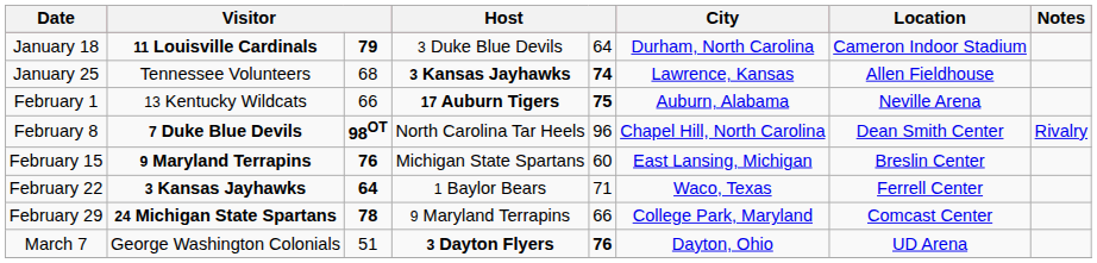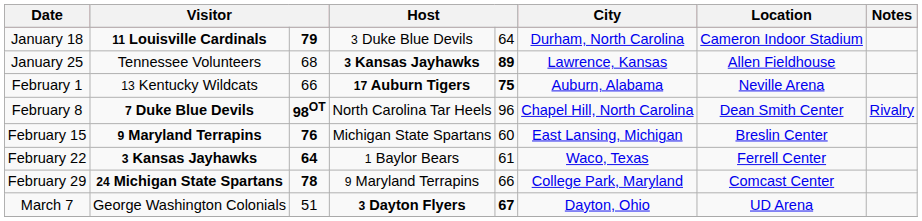 <table class="wikitable" style="text-align:center">
 <tr style="background:#A32638;"|>
 <th>Date</th>
 <th colspan=2>Visitor</th>
 <th colspan=2>Host</th>
 <th>City</th>
 <th>Location</th>
 <th>Notes</th>
 </tr>
 <tr>
 <td>January 18</td>
 <td><strong><small>11</small> Louisville Cardinals</strong></td>
 <td><strong>79</strong></td>
 <td><small>3</small> Duke Blue Devils</td>
 <td>64</td>
 <td><a href='#'>Durham, North Carolina</a></td>
 <td><a href='#'>Cameron Indoor Stadium</a></td>
 <td></td>
 </tr>
 <tr>
 <td>January 25</td>
 <td>Tennessee Volunteers</td>
 <td>68</td>
 <td><strong><small>3</small> Kansas Jayhawks</strong></td>
-<td><strong>74</strong></td>
+<td><strong>89</strong></td>
 <td><a href='#'>Lawrence, Kansas</a></td>
 <td><a href='#'>Allen Fieldhouse</a></td>
 <td></td>
 </tr>
 <tr>
 <td>February 1</td>
 <td><small>13</small> Kentucky Wildcats</td>
 <td>66</td>
 <td><strong><small>17</small> Auburn Tigers</strong></td>
 <td><strong>75</strong></td>
 <td><a href='#'>Auburn, Alabama</a></td>
 <td><a href='#'>Neville Arena</a></td>
 <td></td>
 </tr>
 <tr>
 <td>February 8</td>
 <td><strong><small>7</small> Duke Blue Devils</strong></td>
 <td><strong>98<sup>OT</sup></strong></td>
 <td>North Carolina Tar Heels</td>
 <td>96</td>
 <td><a href='#'>Chapel Hill, North Carolina</a></td>
 <td><a href='#'>Dean Smith Center</a></td>
 <td><a href='#'>Rivalry</a></td>
 </tr>
 <tr>
 <td>February 15</td>
 <td><strong><small>9</small> Maryland Terrapins</strong></td>
 <td><strong>76</strong></td>
 <td>Michigan State Spartans</td>
 <td>60</td>
 <td><a href='#'>East Lansing, Michigan</a></td>
 <td><a href='#'>Breslin Center</a></td>
 <td></td>
 </tr>
 <tr>
 <td>February 22</td>
 <td><strong><small>3</small> Kansas Jayhawks</strong></td>
 <td><strong>64</strong></td>
 <td><small>1</small> Baylor Bears</td>
-<td>71</td>
+<td>61</td>
 <td><a href='#'>Waco, Texas</a></td>
 <td><a href='#'>Ferrell Center</a></td>
 <td></td>
 </tr>
 <tr>
 <td>February 29</td>
 <td><strong><small>24</small> Michigan State Spartans</strong></td>
 <td><strong>78</strong></td>
 <td><small>9</small> Maryland Terrapins</td>
 <td>66</td>
 <td><a href='#'>College Park, Maryland</a></td>
 <td><a href='#'>Comcast Center</a></td>
 <td></td>
 </tr>
 <tr>
 <td>March 7</td>
 <td>George Washington Colonials</td>
 <td>51</td>
 <td><strong><small>3</small> Dayton Flyers</strong></td>
-<td><strong>76</strong></td>
+<td><strong>67</strong></td>
 <td><a href='#'>Dayton, Ohio</a></td>
 <td><a href='#'>UD Arena</a></td>
 <td></td>
 </tr>
 <tr>
 </tr>
 </table>
